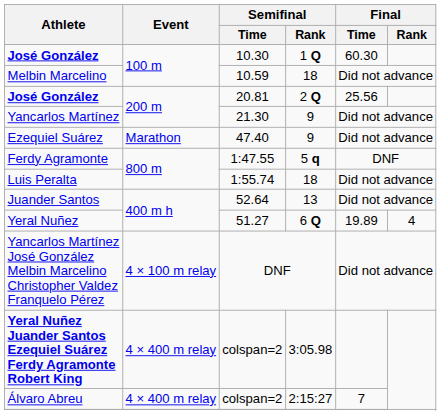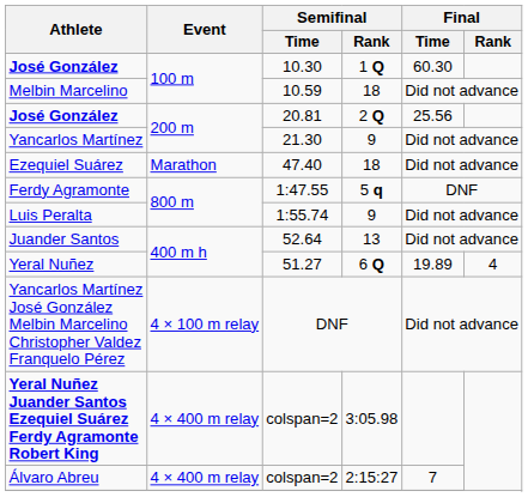 <table class=wikitable style=font-size:90%;text-align:center>
 <tr>
 <th rowspan=2>Athlete</th>
 <th rowspan=2>Event</th>
 <th colspan=2>Semifinal</th>
 <th colspan=2>Final</th>
 </tr>
 <tr style=font-size:95%>
 <th>Time</th>
 <th>Rank</th>
 <th>Time</th>
 <th>Rank</th>
 </tr>
 <tr>
 <td align=left><strong><a href='#'>José González</a></strong></td>
 <td align=left rowspan=2><a href='#'>100 m</a></td>
 <td>10.30</td>
 <td>1 <strong>Q</strong></td>
 <td>60.30</td>
 <td></td>
 </tr>
 <tr>
 <td align=left><a href='#'>Melbin Marcelino</a></td>
 <td>10.59</td>
 <td>18</td>
 <td colspan=2>Did not advance</td>
 </tr>
 <tr>
 <td align=left><strong><a href='#'>José González</a></strong></td>
 <td align=left rowspan=2><a href='#'>200 m</a></td>
 <td>20.81</td>
 <td>2 <strong>Q</strong></td>
 <td>25.56</td>
 <td></td>
 </tr>
 <tr>
 <td align=left><a href='#'>Yancarlos Martínez</a></td>
 <td>21.30</td>
 <td>9</td>
 <td colspan=2>Did not advance</td>
 </tr>
 <tr>
 <td align=left><a href='#'>Ezequiel Suárez</a></td>
 <td align=left><a href='#'>Marathon</a></td>
 <td>47.40</td>
-<td>9</td>
+<td>18</td>
 <td colspan=2>Did not advance</td>
 </tr>
 <tr>
 <td align=left><a href='#'>Ferdy Agramonte</a></td>
 <td align=left rowspan=2><a href='#'>800 m</a></td>
 <td>1:47.55</td>
 <td>5 <strong>q</strong></td>
 <td colspan=2>DNF</td>
 </tr>
 <tr>
 <td align=left><a href='#'>Luis Peralta</a></td>
 <td>1:55.74</td>
-<td>18</td>
+<td>9</td>
 <td colspan=2>Did not advance</td>
 </tr>
 <tr>
 <td align=left><a href='#'>Juander Santos</a></td>
 <td align=left rowspan=2><a href='#'>400 m h</a></td>
 <td>52.64</td>
 <td>13</td>
 <td colspan=2>Did not advance</td>
 </tr>
 <tr>
 <td align=left><a href='#'>Yeral Nuñez</a></td>
 <td>51.27</td>
 <td>6 <strong>Q</strong></td>
 <td>19.89</td>
 <td>4</td>
 </tr>
 <tr>
 <td align=left><a href='#'>Yancarlos Martínez</a><br><a href='#'>José González</a><br><a href='#'>Melbin Marcelino</a><br><a href='#'>Christopher Valdez</a><br><a href='#'>Franquelo Pérez</a></td>
 <td align=left><a href='#'>4 × 100 m relay</a></td>
 <td colspan=2>DNF</td>
 <td colspan=2>Did not advance</td>
 </tr>
 <tr>
 <td align=left><strong><a href='#'>Yeral Nuñez</a><br><a href='#'>Juander Santos</a><br><a href='#'>Ezequiel Suárez</a><br><a href='#'>Ferdy Agramonte</a><br><a href='#'>Robert King</a></strong></td>
 <td align=left><a href='#'>4 × 400 m relay</a></td>
 <td>colspan=2 </td>
 <td>3:05.98</td>
 <td></td>
 </tr>
 <tr>
 <td align=left><a href='#'>Álvaro Abreu</a></td>
 <td align=left><a href='#'>4 × 400 m relay</a></td>
 <td>colspan=2 </td>
 <td>2:15:27</td>
 <td>7</td>
 </tr>
 <tr>
 </tr>
 </table>
